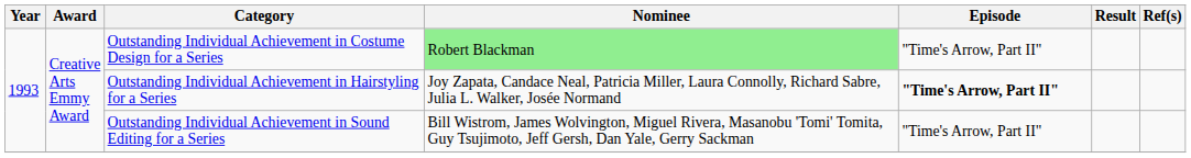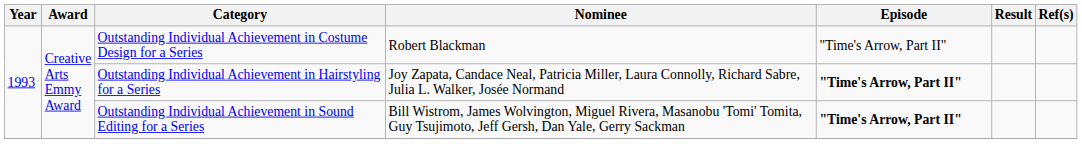 <table class="wikitable plainrowheaders">
 <tr>
 <th scope="col" width="3.5%">Year</th>
 <th scope="col" width="3.5%">Award</th>
 <th scope="col" width="30%">Category</th>
 <th scope="col" width="45%">Nominee</th>
 <th scope="col" width="18%">Episode</th>
 <th scope="col" width="3.5%">Result</th>
 <th scope="col" width="3.5%">Ref(s)</th>
 </tr>
 <tr>
 <td scope="row" rowspan=3><a href='#'>1993</a></td>
 <td scope="row" rowspan=3><a href='#'>Creative Arts Emmy Award</a></td>
 <td><a href='#'>Outstanding Individual Achievement in Costume Design for a Series</a></td>
-<td style="background: lightgreen;">Robert Blackman</td>
+<td>Robert Blackman</td>
 <td>"Time's Arrow, Part II"</td>
 <td></td>
 <td></td>
 </tr>
 <tr>
 <td><a href='#'>Outstanding Individual Achievement in Hairstyling for a Series</a></td>
 <td>Joy Zapata, Candace Neal, Patricia Miller, Laura Connolly, Richard Sabre, Julia L. Walker, Josée Normand</td>
 <td><strong>"Time's Arrow, Part II"</strong></td>
 <td></td>
 <td></td>
 </tr>
 <tr>
 <td><a href='#'>Outstanding Individual Achievement in Sound Editing for a Series</a></td>
 <td>Bill Wistrom, James Wolvington, Miguel Rivera, Masanobu 'Tomi' Tomita, Guy Tsujimoto, Jeff Gersh, Dan Yale, Gerry Sackman</td>
-<td>"Time's Arrow, Part II"</td>
+<td><strong>"Time's Arrow, Part II"</strong></td>
 <td></td>
 <td></td>
 </tr>
 <tr>
 </tr>
 </table>
